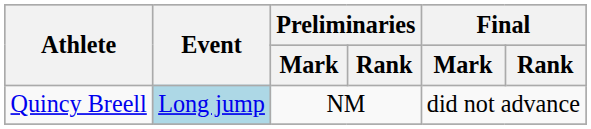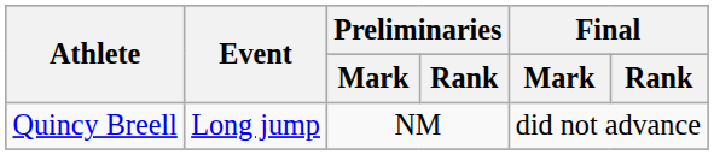 <table class=wikitable style="font-size:90%;">
 <tr>
 <th rowspan=2>Athlete</th>
 <th rowspan=2>Event</th>
 <th colspan=2>Preliminaries</th>
 <th colspan=2>Final</th>
 </tr>
 <tr>
 <th>Mark</th>
 <th>Rank</th>
 <th>Mark</th>
 <th>Rank</th>
 </tr>
 <tr>
 <td><a href='#'>Quincy Breell</a></td>
-<td style="background: lightblue;"><a href='#'>Long jump</a></td>
+<td><a href='#'>Long jump</a></td>
 <td align="center" colspan=2>NM</td>
 <td align="center" colspan=2>did not advance</td>
 </tr>
 </table>
